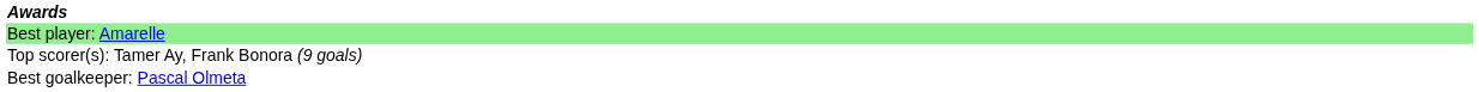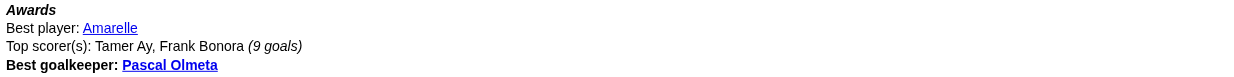 <table width=100% cellspacing=1 style="font-size: 90%;">
 <tr>
 <td><strong><em>Awards</em></strong></td>
 </tr>
 <tr>
-<td style="background: lightgreen;">Best player:  <a href='#'>Amarelle</a></td>
+<td>Best player:  <a href='#'>Amarelle</a></td>
 </tr>
 <tr>
 <td colspan=4>Top scorer(s):  Tamer Ay,  Frank Bonora <em>(9 goals)</em></td>
 </tr>
 <tr>
-<td>Best goalkeeper:  <a href='#'>Pascal Olmeta</a></td>
+<td><strong>Best goalkeeper:  <a href='#'>Pascal Olmeta</a></strong></td>
 </tr>
 </table>
